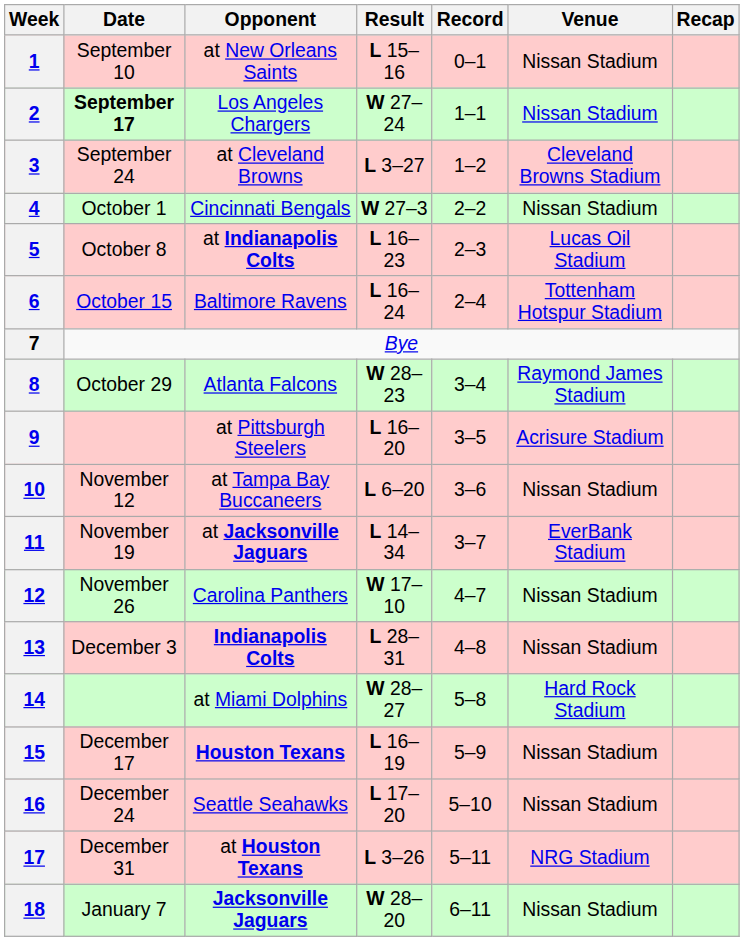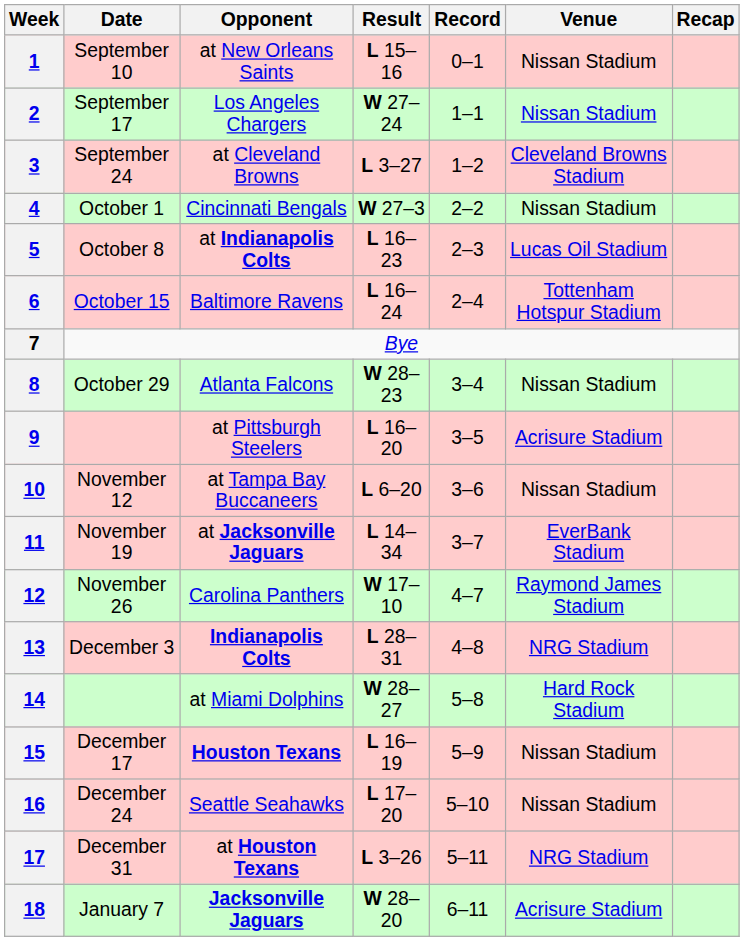 <table class="wikitable" style="text-align:center">
 <tr>
 <th>Week</th>
 <th>Date</th>
 <th>Opponent</th>
 <th>Result</th>
 <th>Record</th>
 <th>Venue</th>
 <th>Recap</th>
 </tr>
 <tr style="background:#fcc">
 <th><a href='#'>1</a></th>
 <td>September 10</td>
 <td>at <a href='#'>New Orleans Saints</a></td>
 <td><strong>L</strong> 15–16</td>
 <td>0–1</td>
 <td>Nissan Stadium</td>
 <td></td>
 </tr>
 <tr style="background:#cfc">
 <th><a href='#'>2</a></th>
-<td><strong>September 17</strong></td>
+<td>September 17</td>
 <td><a href='#'>Los Angeles Chargers</a></td>
 <td><strong>W</strong> 27–24 </td>
 <td>1–1</td>
 <td><a href='#'>Nissan Stadium</a></td>
 <td></td>
 </tr>
 <tr style="background:#fcc">
 <th><a href='#'>3</a></th>
 <td>September 24</td>
 <td>at <a href='#'>Cleveland Browns</a></td>
 <td><strong>L</strong> 3–27</td>
 <td>1–2</td>
 <td><a href='#'>Cleveland Browns Stadium</a></td>
 <td></td>
 </tr>
 <tr style="background:#cfc">
 <th><a href='#'>4</a></th>
 <td>October 1</td>
 <td><a href='#'>Cincinnati Bengals</a></td>
 <td><strong>W</strong> 27–3</td>
 <td>2–2</td>
 <td>Nissan Stadium</td>
 <td></td>
 </tr>
 <tr style="background:#fcc">
 <th><a href='#'>5</a></th>
 <td>October 8</td>
 <td>at <strong><a href='#'>Indianapolis Colts</a></strong></td>
 <td><strong>L</strong> 16–23</td>
 <td>2–3</td>
 <td><a href='#'>Lucas Oil Stadium</a></td>
 <td></td>
 </tr>
 <tr style="background:#fcc">
 <th><a href='#'>6</a></th>
 <td><a href='#'>October 15</a></td>
 <td><a href='#'>Baltimore Ravens</a></td>
 <td><strong>L</strong> 16–24</td>
 <td>2–4</td>
 <td> <a href='#'>Tottenham Hotspur Stadium</a> </td>
 <td></td>
 </tr>
 <tr>
 <th>7</th>
 <td colspan="6"><em><a href='#'>Bye</a></em></td>
 </tr>
 <tr style="background:#cfc">
 <th><a href='#'>8</a></th>
 <td>October 29</td>
 <td><a href='#'>Atlanta Falcons</a></td>
 <td><strong>W</strong> 28–23</td>
 <td>3–4</td>
-<td><a href='#'>Raymond James Stadium</a></td>
+<td>Nissan Stadium</td>
 <td></td>
 </tr>
 <tr style="background:#fcc">
 <th><a href='#'>9</a></th>
 <td></td>
 <td>at <a href='#'>Pittsburgh Steelers</a></td>
 <td><strong>L</strong> 16–20</td>
 <td>3–5</td>
 <td><a href='#'>Acrisure Stadium</a></td>
 <td></td>
 </tr>
 <tr style="background:#fcc">
 <th><a href='#'>10</a></th>
 <td>November 12</td>
 <td>at <a href='#'>Tampa Bay Buccaneers</a></td>
 <td><strong>L</strong> 6–20</td>
 <td>3–6</td>
 <td>Nissan Stadium</td>
 <td></td>
 </tr>
 <tr style="background:#fcc">
 <th><a href='#'>11</a></th>
 <td>November 19</td>
 <td>at <strong><a href='#'>Jacksonville Jaguars</a></strong></td>
 <td><strong>L</strong> 14–34</td>
 <td>3–7</td>
 <td><a href='#'>EverBank Stadium</a></td>
 <td></td>
 </tr>
 <tr style="background:#cfc">
 <th><a href='#'>12</a></th>
 <td>November 26</td>
 <td><a href='#'>Carolina Panthers</a></td>
 <td><strong>W</strong> 17–10</td>
 <td>4–7</td>
-<td>Nissan Stadium</td>
+<td><a href='#'>Raymond James Stadium</a></td>
 <td></td>
 </tr>
 <tr style="background:#fcc">
 <th><a href='#'>13</a></th>
 <td>December 3</td>
 <td><strong><a href='#'>Indianapolis Colts</a></strong></td>
 <td><strong>L</strong> 28–31 </td>
 <td>4–8</td>
-<td>Nissan Stadium</td>
+<td><a href='#'>NRG Stadium</a></td>
 <td></td>
 </tr>
 <tr style="background:#cfc">
 <th><a href='#'>14</a></th>
 <td></td>
 <td>at <a href='#'>Miami Dolphins</a></td>
 <td><strong>W</strong> 28–27</td>
 <td>5–8</td>
 <td><a href='#'>Hard Rock Stadium</a></td>
 <td></td>
 </tr>
 <tr style="background:#fcc">
 <th><a href='#'>15</a></th>
 <td>December 17</td>
 <td><strong><a href='#'>Houston Texans</a></strong></td>
 <td><strong>L</strong> 16–19 </td>
 <td>5–9</td>
 <td>Nissan Stadium</td>
 <td></td>
 </tr>
 <tr style="background:#fcc">
 <th><a href='#'>16</a></th>
 <td>December 24</td>
 <td><a href='#'>Seattle Seahawks</a></td>
 <td><strong>L</strong> 17–20</td>
 <td>5–10</td>
 <td>Nissan Stadium</td>
 <td></td>
 </tr>
 <tr style="background:#fcc">
 <th><a href='#'>17</a></th>
 <td>December 31</td>
 <td>at <strong><a href='#'>Houston Texans</a></strong></td>
 <td><strong>L</strong> 3–26</td>
 <td>5–11</td>
 <td><a href='#'>NRG Stadium</a></td>
 <td></td>
 </tr>
 <tr style="background:#cfc">
 <th><a href='#'>18</a></th>
 <td>January 7</td>
 <td><strong><a href='#'>Jacksonville Jaguars</a></strong></td>
 <td><strong>W</strong> 28–20</td>
 <td>6–11</td>
-<td>Nissan Stadium</td>
+<td><a href='#'>Acrisure Stadium</a></td>
 <td></td>
 </tr>
 </table>
